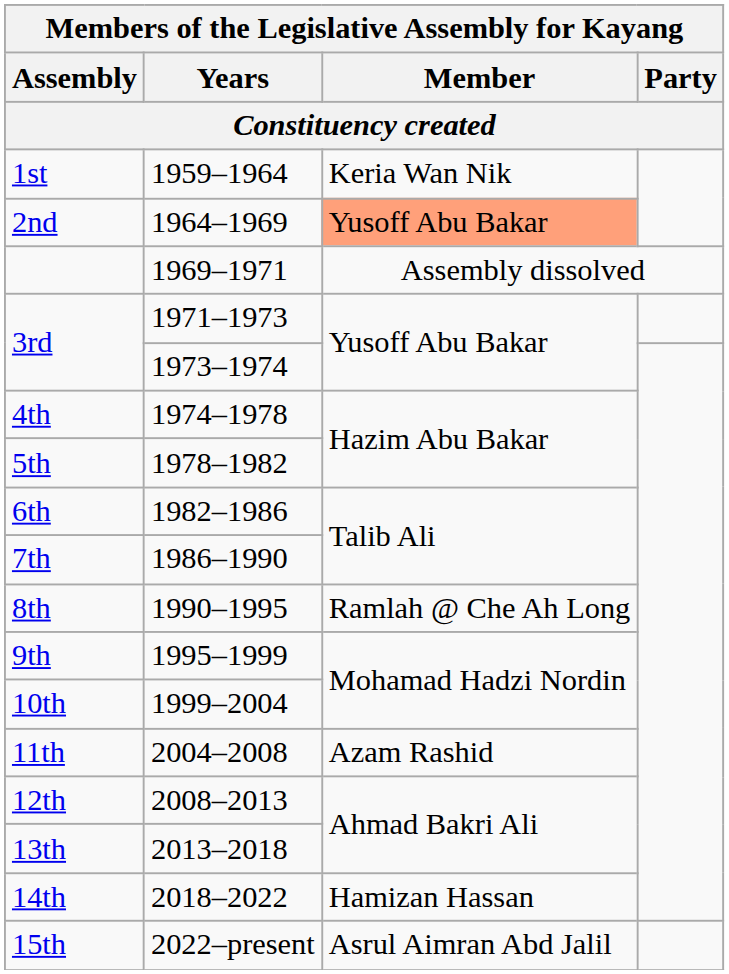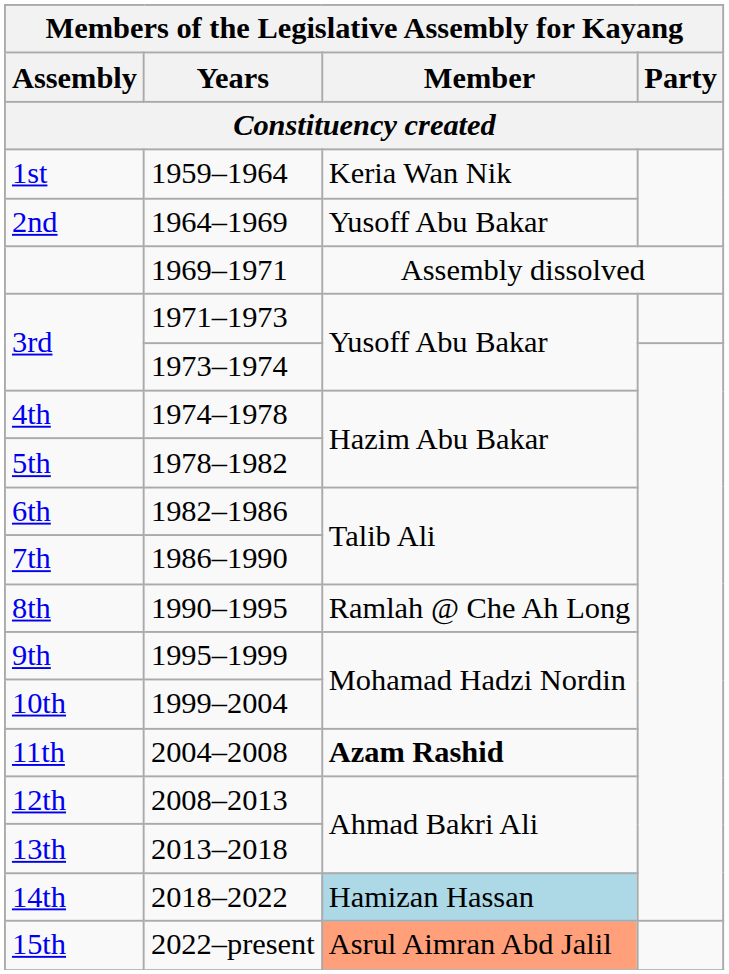 <table class=wikitable>
 <tr>
 <th colspan=4>Members of the Legislative Assembly for Kayang</th>
 </tr>
 <tr>
 <th>Assembly</th>
 <th>Years</th>
 <th>Member</th>
 <th>Party</th>
 </tr>
 <tr>
 <th colspan=4 align=center><em>Constituency created</em></th>
 </tr>
 <tr>
 <td><a href='#'>1st</a></td>
 <td>1959–1964</td>
 <td>Keria Wan Nik</td>
 <td rowspan=2></td>
 </tr>
 <tr>
 <td><a href='#'>2nd</a></td>
 <td>1964–1969</td>
-<td style="background: lightsalmon;">Yusoff Abu Bakar</td>
+<td>Yusoff Abu Bakar</td>
 </tr>
 <tr>
 <td></td>
 <td>1969–1971</td>
 <td colspan=2 align=center>Assembly dissolved</td>
 </tr>
 <tr>
 <td rowspan=2><a href='#'>3rd</a></td>
 <td>1971–1973</td>
 <td rowspan=2>Yusoff Abu Bakar</td>
 <td></td>
 </tr>
 <tr>
 <td>1973–1974</td>
 <td rowspan=12></td>
 </tr>
 <tr>
 <td><a href='#'>4th</a></td>
 <td>1974–1978</td>
 <td rowspan=2>Hazim Abu Bakar</td>
 </tr>
 <tr>
 <td><a href='#'>5th</a></td>
 <td>1978–1982</td>
 </tr>
 <tr>
 <td><a href='#'>6th</a></td>
 <td>1982–1986</td>
 <td rowspan=2>Talib Ali</td>
 </tr>
 <tr>
 <td><a href='#'>7th</a></td>
 <td>1986–1990</td>
 </tr>
 <tr>
 <td><a href='#'>8th</a></td>
 <td>1990–1995</td>
 <td>Ramlah @ Che Ah Long</td>
 </tr>
 <tr>
 <td><a href='#'>9th</a></td>
 <td>1995–1999</td>
 <td rowspan=2>Mohamad Hadzi Nordin</td>
 </tr>
 <tr>
 <td><a href='#'>10th</a></td>
 <td>1999–2004</td>
 </tr>
 <tr>
 <td><a href='#'>11th</a></td>
 <td>2004–2008</td>
-<td>Azam Rashid</td>
+<td><strong>Azam Rashid</strong></td>
 </tr>
 <tr>
 <td><a href='#'>12th</a></td>
 <td>2008–2013</td>
 <td rowspan=2>Ahmad Bakri Ali</td>
 </tr>
 <tr>
 <td><a href='#'>13th</a></td>
 <td>2013–2018</td>
 </tr>
 <tr>
 <td><a href='#'>14th</a></td>
 <td>2018–2022</td>
-<td>Hamizan Hassan</td>
+<td style="background: lightblue;">Hamizan Hassan</td>
 </tr>
 <tr>
 <td><a href='#'>15th</a></td>
 <td>2022–present</td>
-<td>Asrul Aimran Abd Jalil</td>
+<td style="background: lightsalmon;">Asrul Aimran Abd Jalil</td>
 <td></td>
 </tr>
 </table>
